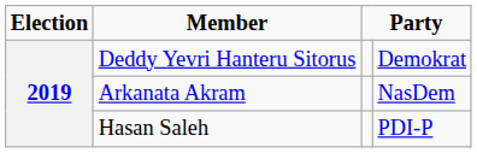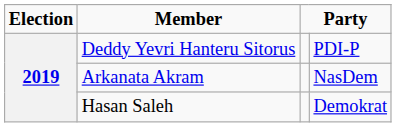 <table class="wikitable" align="center">
 <tr>
 <td align="center"><strong>Election</strong></td>
 <td align="center"><strong>Member</strong></td>
 <td colspan="2" align="center"><strong>Party</strong></td>
 </tr>
 <tr>
 <th rowspan="3"><a href='#'>2019</a></th>
 <td><a href='#'>Deddy Yevri Hanteru Sitorus</a></td>
 <td width=1px style="background-color: "></td>
-<td><a href='#'>Demokrat</a></td>
+<td><a href='#'>PDI-P</a></td>
 </tr>
 <tr>
 <td><a href='#'>Arkanata Akram</a></td>
 <td width=1px style="background-color: "></td>
 <td><a href='#'>NasDem</a></td>
 </tr>
 <tr>
 <td>Hasan Saleh</td>
 <td width=1px style="background-color: "></td>
-<td><a href='#'>PDI-P</a></td>
+<td><a href='#'>Demokrat</a></td>
 </tr>
 </table>
